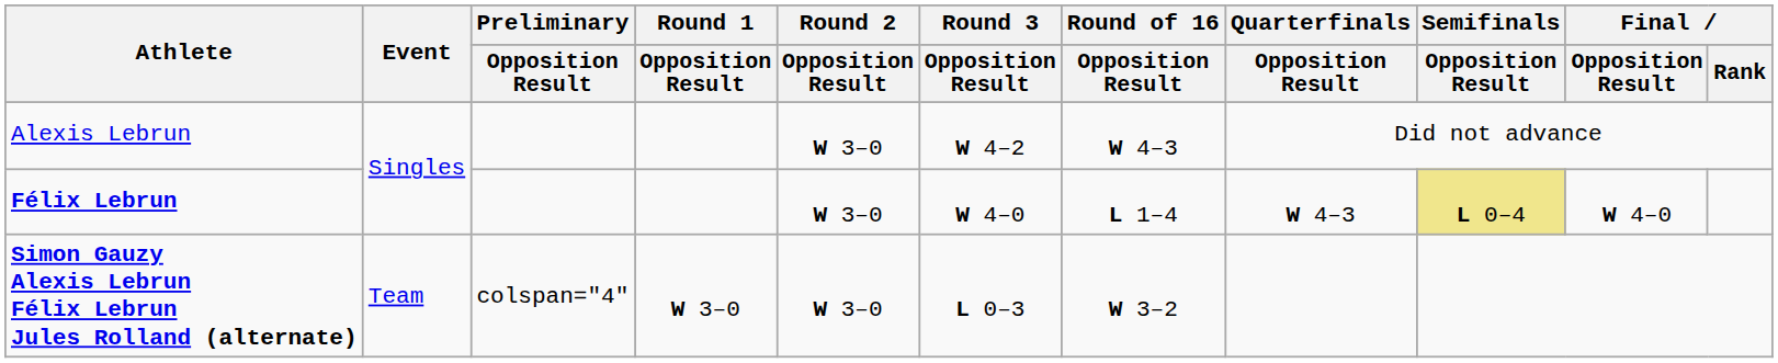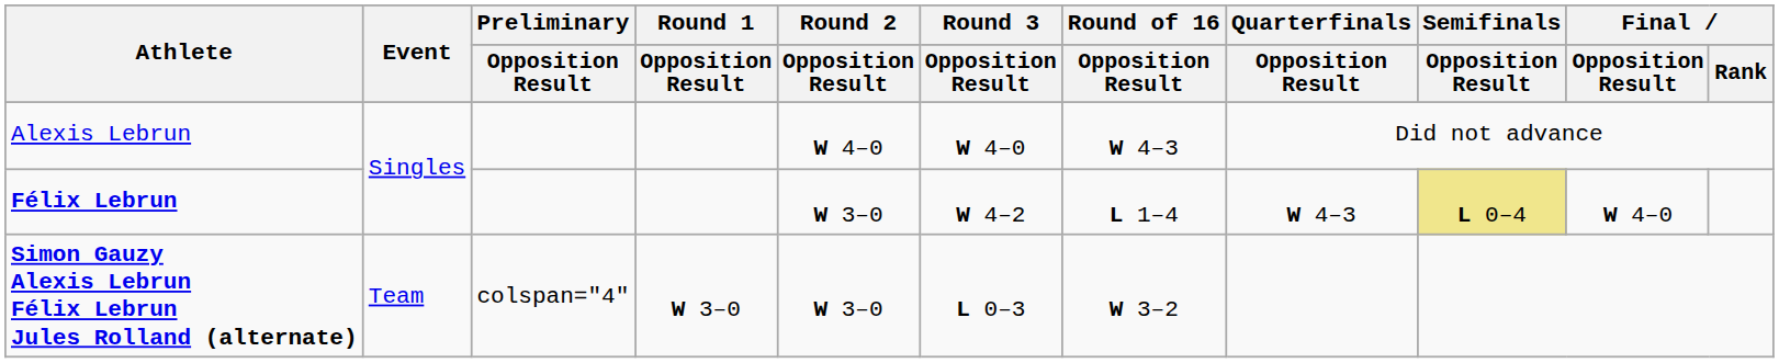 <table class="wikitable" style="font-size:90%;">
 <tr>
 <th rowspan=2>Athlete</th>
 <th rowspan=2>Event</th>
 <th>Preliminary</th>
 <th>Round 1</th>
 <th>Round 2</th>
 <th>Round 3</th>
 <th>Round of 16</th>
 <th>Quarterfinals</th>
 <th>Semifinals</th>
 <th colspan=2>Final / </th>
 </tr>
 <tr style="font-size:95%">
 <th>Opposition<br>Result</th>
 <th>Opposition<br>Result</th>
 <th>Opposition<br>Result</th>
 <th>Opposition<br>Result</th>
 <th>Opposition<br>Result</th>
 <th>Opposition<br>Result</th>
 <th>Opposition<br>Result</th>
 <th>Opposition<br>Result</th>
 <th>Rank</th>
 </tr>
 <tr align=center>
 <td align=left><a href='#'>Alexis Lebrun</a></td>
 <td align=left rowspan=2><a href='#'>Singles</a></td>
 <td></td>
 <td></td>
-<td><br><strong>W</strong> 3–0</td>
-<td><br><strong>W</strong> 4–2</td>
+<td><br><strong>W</strong> 4–0</td>
+<td><br><strong>W</strong> 4–0</td>
 <td><br><strong>W</strong> 4–3</td>
 <td colspan="4">Did not advance</td>
 </tr>
 <tr align=center>
 <td align=left><strong><a href='#'>Félix Lebrun</a></strong></td>
 <td></td>
 <td></td>
 <td><br><strong>W</strong> 3–0</td>
-<td><br><strong>W</strong> 4–0</td>
+<td><br><strong>W</strong> 4–2</td>
 <td><br><strong>L</strong> 1–4</td>
 <td><br><strong>W</strong> 4–3</td>
 <td style="background: khaki;"><br> <strong>L</strong> 0–4</td>
 <td><br><strong>W</strong> 4–0</td>
 <td></td>
 </tr>
 <tr align=center>
 <td align=left><strong><a href='#'>Simon Gauzy</a><br><a href='#'>Alexis Lebrun</a><br><a href='#'>Félix Lebrun</a><br><a href='#'>Jules Rolland</a> (alternate)</strong></td>
 <td align=left><a href='#'>Team</a></td>
 <td>colspan="4" </td>
 <td><br><strong>W</strong> 3–0</td>
 <td><br><strong>W</strong> 3–0</td>
 <td><br><strong>L</strong> 0–3</td>
 <td><br><strong>W</strong> 3–2</td>
 <td></td>
 </tr>
 </table>
